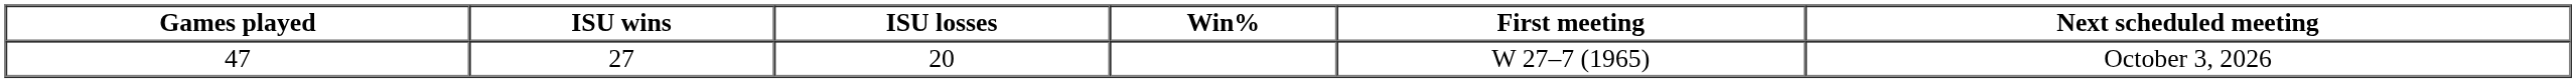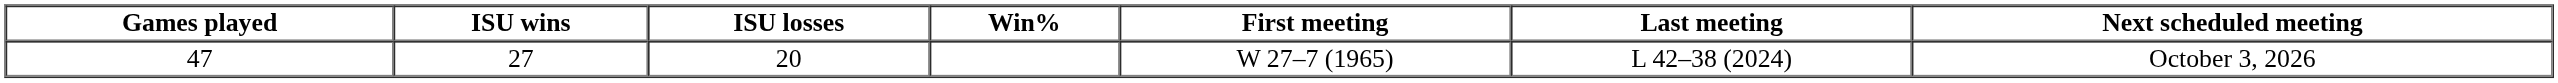 <table cellpadding="1" border="1" cellspacing="0" style="width:100%;">
 <tr>
 <th>Games played</th>
 <th>ISU wins</th>
 <th>ISU losses</th>
 <th>Win%</th>
 <th>First meeting</th>
+<th>Last meeting</th>
 <th>Next scheduled meeting</th>
 </tr>
 <tr style="text-align:center;">
 <td>47</td>
 <td>27</td>
 <td>20</td>
 <td></td>
 <td>W 27–7 (1965)</td>
+<td>L 42–38 (2024)</td>
 <td>October 3, 2026</td>
 </tr>
 </table>
